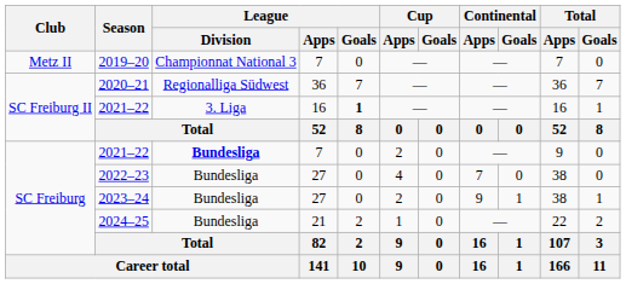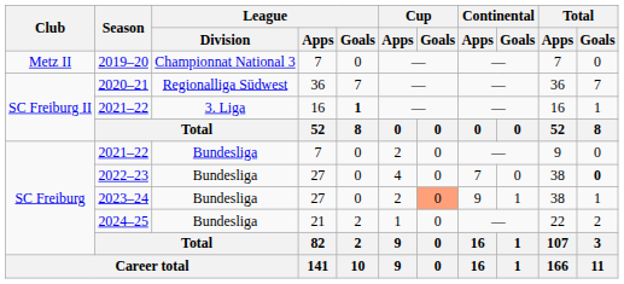 <table class="wikitable" Style="text-align: center;">
 <tr>
 <th rowspan="2">Club</th>
 <th rowspan="2">Season</th>
 <th colspan="3">League</th>
 <th colspan="2">Cup</th>
 <th colspan="2">Continental</th>
 <th colspan="2">Total</th>
 </tr>
 <tr>
 <th>Division</th>
 <th>Apps</th>
 <th>Goals</th>
 <th>Apps</th>
 <th>Goals</th>
 <th>Apps</th>
 <th>Goals</th>
 <th>Apps</th>
 <th>Goals</th>
 </tr>
 <tr>
 <td><a href='#'>Metz II</a></td>
 <td><a href='#'>2019–20</a></td>
 <td><a href='#'>Championnat National 3</a></td>
 <td>7</td>
 <td>0</td>
 <td colspan="2">—</td>
 <td colspan="2">—</td>
 <td>7</td>
 <td>0</td>
 </tr>
 <tr>
 <td rowspan="3"><a href='#'>SC Freiburg II</a></td>
 <td><a href='#'>2020–21</a></td>
 <td><a href='#'>Regionalliga Südwest</a></td>
 <td>36</td>
 <td>7</td>
 <td colspan="2">—</td>
 <td colspan="2">—</td>
 <td>36</td>
 <td>7</td>
 </tr>
 <tr>
 <td><a href='#'>2021–22</a></td>
 <td><a href='#'>3. Liga</a></td>
 <td>16</td>
 <td><strong>1</strong></td>
 <td colspan="2">—</td>
 <td colspan="2">—</td>
 <td>16</td>
 <td>1</td>
 </tr>
 <tr>
 <th colspan="2">Total</th>
 <th>52</th>
 <th>8</th>
 <th>0</th>
 <th>0</th>
 <th>0</th>
 <th>0</th>
 <th>52</th>
 <th>8</th>
 </tr>
 <tr>
 <td rowspan="5"><a href='#'>SC Freiburg</a></td>
 <td><a href='#'>2021–22</a></td>
-<td><strong><a href='#'>Bundesliga</a></strong></td>
+<td><a href='#'>Bundesliga</a></td>
 <td>7</td>
 <td>0</td>
 <td>2</td>
 <td>0</td>
 <td colspan="2">—</td>
 <td>9</td>
 <td>0</td>
 </tr>
 <tr>
 <td><a href='#'>2022–23</a></td>
 <td>Bundesliga</td>
 <td>27</td>
 <td>0</td>
 <td>4</td>
 <td>0</td>
 <td>7</td>
 <td>0</td>
 <td>38</td>
-<td>0</td>
+<td><strong>0</strong></td>
 </tr>
 <tr>
 <td><a href='#'>2023–24</a></td>
 <td>Bundesliga</td>
 <td>27</td>
 <td>0</td>
 <td>2</td>
-<td>0</td>
+<td style="background: lightsalmon;">0</td>
 <td>9</td>
 <td>1</td>
 <td>38</td>
 <td>1</td>
 </tr>
 <tr>
 <td><a href='#'>2024–25</a></td>
 <td>Bundesliga</td>
 <td>21</td>
 <td>2</td>
 <td>1</td>
 <td>0</td>
 <td colspan="2">—</td>
 <td>22</td>
 <td>2</td>
 </tr>
 <tr>
 <th colspan="2">Total</th>
 <th>82</th>
 <th>2</th>
 <th>9</th>
 <th>0</th>
 <th>16</th>
 <th>1</th>
 <th>107</th>
 <th>3</th>
 </tr>
 <tr>
 <th colspan="3">Career total</th>
 <th>141</th>
 <th>10</th>
 <th>9</th>
 <th>0</th>
 <th>16</th>
 <th>1</th>
 <th>166</th>
 <th>11</th>
 </tr>
 </table>
